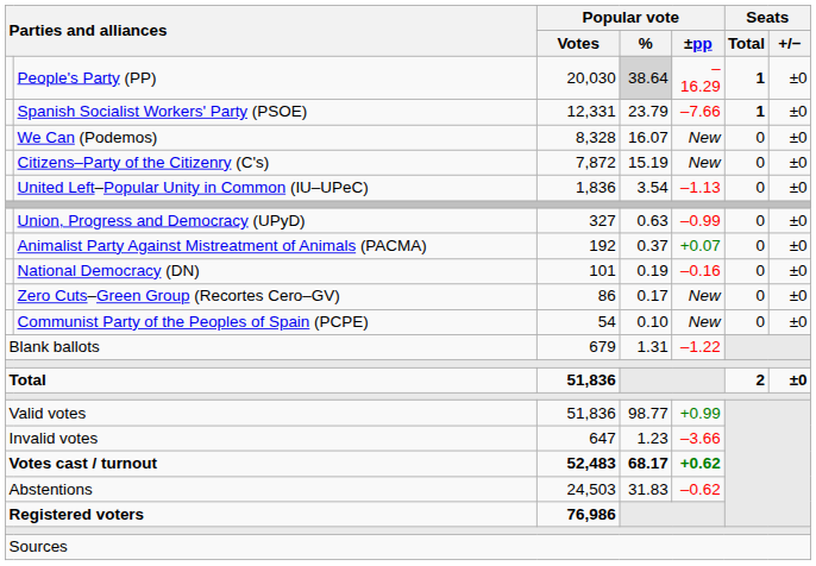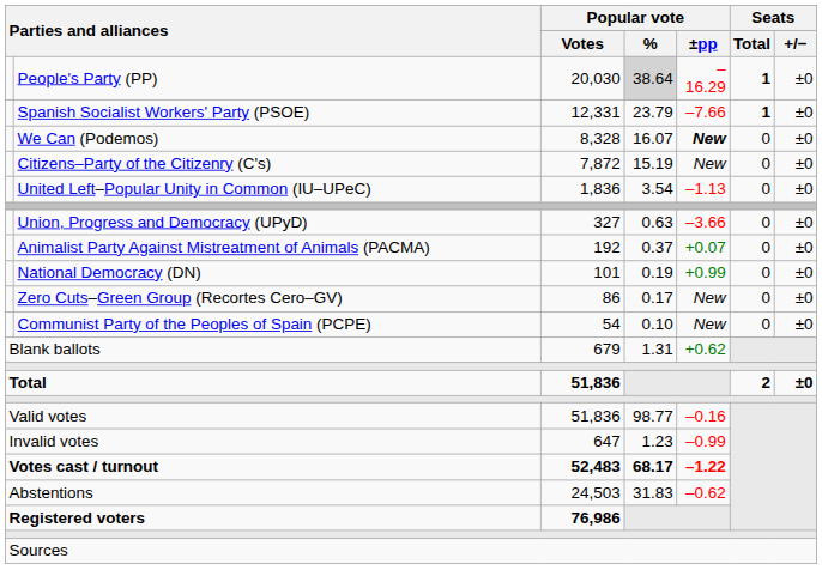 <table class="wikitable" style="text-align:right;">
 <tr>
 <th style="text-align:left;" rowspan="2" colspan="2" width="525">Parties and alliances</th>
 <th colspan="3">Popular vote</th>
 <th colspan="2">Seats</th>
 </tr>
 <tr>
 <th width="75">Votes</th>
 <th width="45">%</th>
 <th width="45">±<a href='#'>pp</a></th>
 <th width="35">Total</th>
 <th width="35">+/−</th>
 </tr>
 <tr>
 <td width="1" style="color:inherit;background:"></td>
 <td align="left"><a href='#'>People's Party</a> (PP)</td>
 <td>20,030</td>
 <td style="background: lightgrey;">38.64</td>
 <td style="color:red;">–16.29</td>
 <td><strong>1</strong></td>
 <td>±0</td>
 </tr>
 <tr>
 <td style="color:inherit;background:"></td>
 <td align="left"><a href='#'>Spanish Socialist Workers' Party</a> (PSOE)</td>
 <td>12,331</td>
 <td>23.79</td>
 <td style="color:red;">–7.66</td>
 <td><strong>1</strong></td>
 <td>±0</td>
 </tr>
 <tr>
 <td style="color:inherit;background:"></td>
 <td align="left"><a href='#'>We Can</a> (Podemos)</td>
 <td>8,328</td>
 <td>16.07</td>
-<td><em>New</em></td>
+<td><strong><em>New</em></strong></td>
 <td>0</td>
 <td>±0</td>
 </tr>
 <tr>
 <td style="color:inherit;background:"></td>
 <td align="left"><a href='#'>Citizens–Party of the Citizenry</a> (C's)</td>
 <td>7,872</td>
 <td>15.19</td>
 <td><em>New</em></td>
 <td>0</td>
 <td>±0</td>
 </tr>
 <tr>
 <td style="color:inherit;background:"></td>
 <td align="left"><a href='#'>United Left</a>–<a href='#'>Popular Unity in Common</a> (IU–UPeC)</td>
 <td>1,836</td>
 <td>3.54</td>
 <td style="color:red;">–1.13</td>
 <td>0</td>
 <td>±0</td>
 </tr>
 <tr>
 <td colspan="7" bgcolor="#C0C0C0"></td>
 </tr>
 <tr>
 <td style="color:inherit;background:"></td>
 <td align="left"><a href='#'>Union, Progress and Democracy</a> (UPyD)</td>
 <td>327</td>
 <td>0.63</td>
-<td style="color:red;">–0.99</td>
+<td style="color:red;">–3.66</td>
 <td>0</td>
 <td>±0</td>
 </tr>
 <tr>
 <td style="color:inherit;background:"></td>
 <td align="left"><a href='#'>Animalist Party Against Mistreatment of Animals</a> (PACMA)</td>
 <td>192</td>
 <td>0.37</td>
 <td style="color:green;">+0.07</td>
 <td>0</td>
 <td>±0</td>
 </tr>
 <tr>
 <td style="color:inherit;background:"></td>
 <td align="left"><a href='#'>National Democracy</a> (DN)</td>
 <td>101</td>
 <td>0.19</td>
-<td style="color:red;">–0.16</td>
+<td style="color:green;">+0.99</td>
 <td>0</td>
 <td>±0</td>
 </tr>
 <tr>
 <td style="color:inherit;background:"></td>
 <td align="left"><a href='#'>Zero Cuts</a>–<a href='#'>Green Group</a> (Recortes Cero–GV)</td>
 <td>86</td>
 <td>0.17</td>
 <td><em>New</em></td>
 <td>0</td>
 <td>±0</td>
 </tr>
 <tr>
 <td style="color:inherit;background:"></td>
 <td align="left"><a href='#'>Communist Party of the Peoples of Spain</a> (PCPE)</td>
 <td>54</td>
 <td>0.10</td>
 <td><em>New</em></td>
 <td>0</td>
 <td>±0</td>
 </tr>
 <tr>
 <td align="left" colspan="2">Blank ballots</td>
 <td>679</td>
 <td>1.31</td>
-<td style="color:red;">–1.22</td>
+<td style="color:green;">+0.62</td>
 <td bgcolor="#E9E9E9" colspan="2"></td>
 </tr>
 <tr>
 <td colspan="7" bgcolor="#E9E9E9"></td>
 </tr>
 <tr style="font-weight:bold;">
 <td align="left" colspan="2">Total</td>
 <td>51,836</td>
 <td bgcolor="#E9E9E9" colspan="2"></td>
 <td>2</td>
 <td>±0</td>
 </tr>
 <tr>
 <td colspan="7" bgcolor="#E9E9E9"></td>
 </tr>
 <tr>
 <td align="left" colspan="2">Valid votes</td>
 <td>51,836</td>
 <td>98.77</td>
-<td style="color:green;">+0.99</td>
+<td style="color:red;">–0.16</td>
 <td bgcolor="#E9E9E9" colspan="2" rowspan="5"></td>
 </tr>
 <tr>
 <td align="left" colspan="2">Invalid votes</td>
 <td>647</td>
 <td>1.23</td>
-<td style="color:red;">–3.66</td>
+<td style="color:red;">–0.99</td>
 </tr>
 <tr style="font-weight:bold;">
 <td align="left" colspan="2">Votes cast / turnout</td>
 <td>52,483</td>
 <td>68.17</td>
-<td style="color:green;">+0.62</td>
+<td style="color:red;">–1.22</td>
 </tr>
 <tr>
 <td align="left" colspan="2">Abstentions</td>
 <td>24,503</td>
 <td>31.83</td>
 <td style="color:red;">–0.62</td>
 </tr>
 <tr style="font-weight:bold;">
 <td align="left" colspan="2">Registered voters</td>
 <td>76,986</td>
 <td bgcolor="#E9E9E9" colspan="2"></td>
 </tr>
 <tr>
 <td colspan="7" bgcolor="#E9E9E9"></td>
 </tr>
 <tr>
 <td align="left" colspan="7">Sources</td>
 </tr>
 </table>
